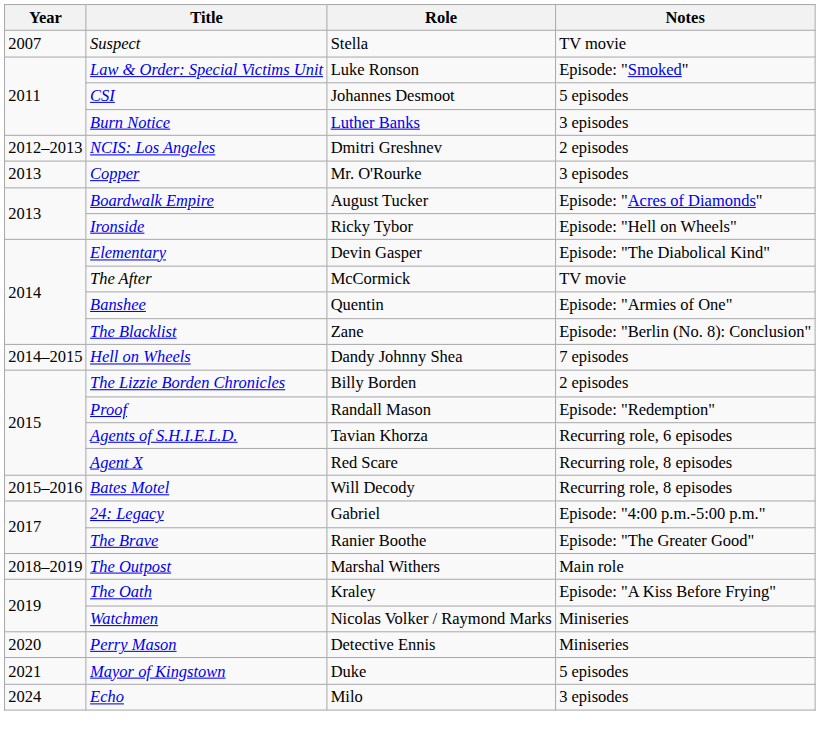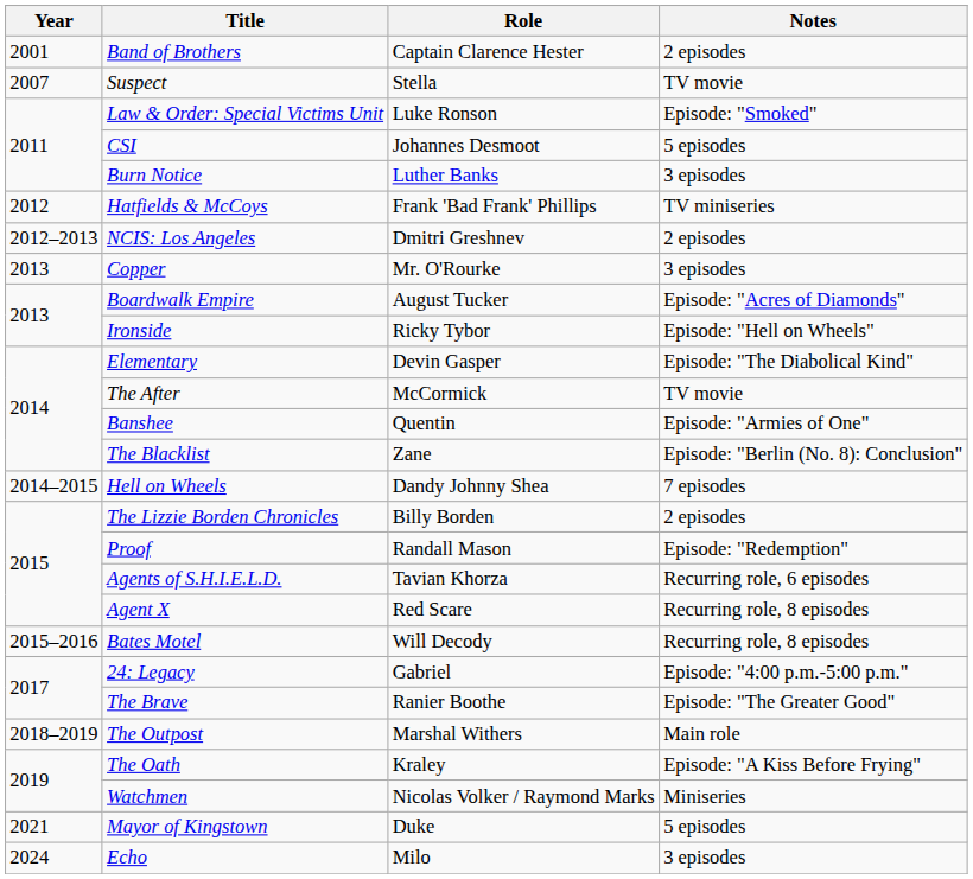 <table class="wikitable">
 <tr>
 <th>Year</th>
 <th>Title</th>
 <th>Role</th>
 <th>Notes</th>
+</tr>
+<tr>
+<td>2001</td>
+<td><em><a href='#'>Band of Brothers</a></em></td>
+<td>Captain Clarence Hester</td>
+<td>2 episodes</td>
 </tr>
 <tr>
 <td>2007</td>
 <td><em>Suspect</em></td>
 <td>Stella</td>
 <td>TV movie</td>
 </tr>
 <tr>
 <td rowspan="3">2011</td>
 <td><em><a href='#'>Law & Order: Special Victims Unit</a></em></td>
 <td>Luke Ronson</td>
 <td>Episode: "<a href='#'>Smoked</a>"</td>
 </tr>
 <tr>
 <td><em><a href='#'>CSI</a></em></td>
 <td>Johannes Desmoot</td>
 <td>5 episodes</td>
 </tr>
 <tr>
 <td><em><a href='#'>Burn Notice</a></em></td>
 <td><a href='#'>Luther Banks</a></td>
 <td>3 episodes</td>
+</tr>
+<tr>
+<td>2012</td>
+<td><em><a href='#'>Hatfields & McCoys</a></em></td>
+<td>Frank 'Bad Frank' Phillips</td>
+<td>TV miniseries</td>
 </tr>
 <tr>
 <td>2012–2013</td>
 <td><em><a href='#'>NCIS: Los Angeles</a></em></td>
 <td>Dmitri Greshnev</td>
 <td>2 episodes</td>
 </tr>
 <tr>
 <td>2013</td>
 <td><em><a href='#'>Copper</a></em></td>
 <td>Mr. O'Rourke</td>
 <td>3 episodes</td>
 </tr>
 <tr>
 <td rowspan="2">2013</td>
 <td><em><a href='#'>Boardwalk Empire</a></em></td>
 <td>August Tucker</td>
 <td>Episode: "<a href='#'>Acres of Diamonds</a>"</td>
 </tr>
 <tr>
 <td><em><a href='#'>Ironside</a></em></td>
 <td>Ricky Tybor</td>
 <td>Episode: "Hell on Wheels"</td>
 </tr>
 <tr>
 <td rowspan="4">2014</td>
 <td><em><a href='#'>Elementary</a></em></td>
 <td>Devin Gasper</td>
 <td>Episode: "The Diabolical Kind"</td>
 </tr>
 <tr>
 <td><em>The After</em></td>
 <td>McCormick</td>
 <td>TV movie</td>
 </tr>
 <tr>
 <td><em><a href='#'>Banshee</a></em></td>
 <td>Quentin</td>
 <td>Episode: "Armies of One"</td>
 </tr>
 <tr>
 <td><em><a href='#'>The Blacklist</a></em></td>
 <td>Zane</td>
 <td>Episode: "Berlin (No. 8): Conclusion"</td>
 </tr>
 <tr>
 <td>2014–2015</td>
 <td><em><a href='#'>Hell on Wheels</a></em></td>
 <td>Dandy Johnny Shea</td>
 <td>7 episodes</td>
 </tr>
 <tr>
 <td rowspan="4">2015</td>
 <td><em><a href='#'>The Lizzie Borden Chronicles</a></em></td>
 <td>Billy Borden</td>
 <td>2 episodes</td>
 </tr>
 <tr>
 <td><em><a href='#'>Proof</a></em></td>
 <td>Randall Mason</td>
 <td>Episode: "Redemption"</td>
 </tr>
 <tr>
 <td><em><a href='#'>Agents of S.H.I.E.L.D.</a></em></td>
 <td>Tavian Khorza</td>
 <td>Recurring role, 6 episodes</td>
 </tr>
 <tr>
 <td><em><a href='#'>Agent X</a></em></td>
 <td>Red Scare</td>
 <td>Recurring role, 8 episodes</td>
 </tr>
 <tr>
 <td>2015–2016</td>
 <td><em><a href='#'>Bates Motel</a></em></td>
 <td>Will Decody</td>
 <td>Recurring role, 8 episodes</td>
 </tr>
 <tr>
 <td rowspan="2">2017</td>
 <td><em><a href='#'>24: Legacy</a></em></td>
 <td>Gabriel</td>
 <td>Episode: "4:00 p.m.-5:00 p.m."</td>
 </tr>
 <tr>
 <td><em><a href='#'>The Brave</a></em></td>
 <td>Ranier Boothe</td>
 <td>Episode: "The Greater Good"</td>
 </tr>
 <tr>
 <td>2018–2019</td>
 <td><em><a href='#'>The Outpost</a></em></td>
 <td>Marshal Withers</td>
 <td>Main role</td>
 </tr>
 <tr>
 <td rowspan="2">2019</td>
 <td><em><a href='#'>The Oath</a></em></td>
 <td>Kraley</td>
 <td>Episode: "A Kiss Before Frying"</td>
 </tr>
 <tr>
 <td><em><a href='#'>Watchmen</a></em></td>
 <td>Nicolas Volker / Raymond Marks</td>
 <td>Miniseries</td>
 </tr>
 <tr>
-<td>2020</td>
-<td><em><a href='#'>Perry Mason</a></em></td>
-<td>Detective Ennis</td>
-<td>Miniseries</td>
-</tr>
-<tr>
 <td>2021</td>
 <td><em><a href='#'>Mayor of Kingstown</a></em></td>
 <td>Duke</td>
 <td>5 episodes</td>
 </tr>
 <tr>
 <td>2024</td>
 <td><em><a href='#'>Echo</a></em></td>
 <td>Milo</td>
 <td>3 episodes</td>
 </tr>
 </table>
